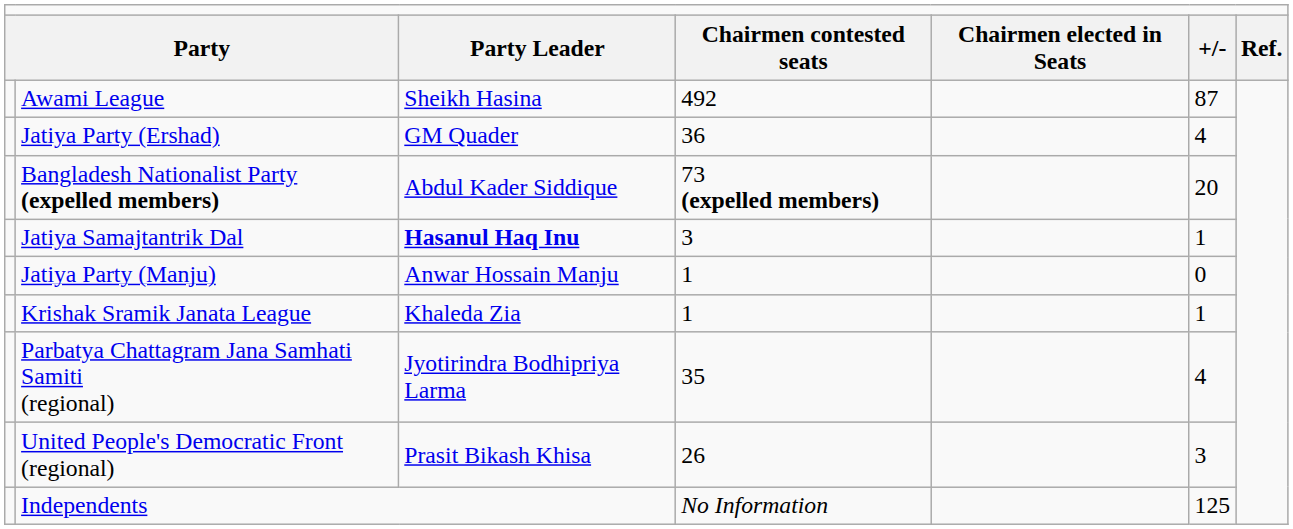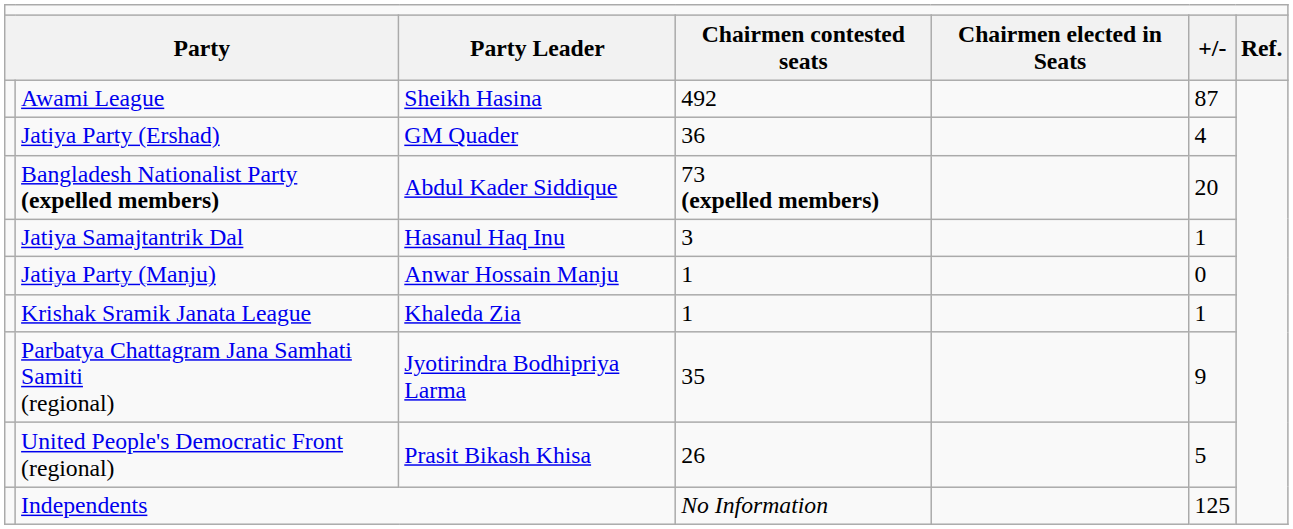 <table class="wikitable">
 <tr>
 <td colspan="7"></td>
 </tr>
 <tr>
 <th colspan="2">Party</th>
 <th>Party Leader</th>
 <th>Chairmen contested seats</th>
 <th>Chairmen elected in Seats</th>
 <th>+/-</th>
 <th>Ref.</th>
 </tr>
 <tr>
 <td></td>
 <td><a href='#'>Awami League</a></td>
 <td><a href='#'>Sheikh Hasina</a></td>
 <td>492</td>
 <td></td>
 <td>87</td>
 <td rowspan="9"></td>
 </tr>
 <tr>
 <td></td>
 <td><a href='#'>Jatiya Party (Ershad)</a></td>
 <td><a href='#'>GM Quader</a></td>
 <td>36</td>
 <td></td>
 <td>4</td>
 </tr>
 <tr>
 <td></td>
 <td><a href='#'>Bangladesh Nationalist Party</a><br><strong>(expelled members)</strong></td>
 <td><a href='#'>Abdul Kader Siddique</a></td>
 <td>73<br><strong>(expelled members)</strong></td>
 <td></td>
 <td>20</td>
 </tr>
 <tr>
 <td></td>
 <td><a href='#'>Jatiya Samajtantrik Dal</a></td>
-<td><strong><a href='#'>Hasanul Haq Inu</a></strong></td>
+<td><a href='#'>Hasanul Haq Inu</a></td>
 <td>3</td>
 <td></td>
 <td>1</td>
 </tr>
 <tr>
 <td></td>
 <td><a href='#'>Jatiya Party (Manju)</a></td>
 <td><a href='#'>Anwar Hossain Manju</a></td>
 <td>1</td>
 <td></td>
 <td>0</td>
 </tr>
 <tr>
 <td></td>
 <td><a href='#'>Krishak Sramik Janata League</a></td>
 <td><a href='#'>Khaleda Zia</a></td>
 <td>1</td>
 <td></td>
 <td>1</td>
 </tr>
 <tr>
 <td></td>
 <td><a href='#'>Parbatya Chattagram Jana Samhati Samiti</a><br>(regional)</td>
 <td><a href='#'>Jyotirindra Bodhipriya Larma</a></td>
 <td>35</td>
 <td></td>
-<td>4</td>
+<td>9</td>
 </tr>
 <tr>
 <td></td>
 <td><a href='#'>United People's Democratic Front</a><br>(regional)</td>
 <td><a href='#'>Prasit Bikash Khisa</a></td>
 <td>26</td>
 <td></td>
-<td>3</td>
+<td>5</td>
 </tr>
 <tr>
 <td></td>
 <td colspan="2"><a href='#'>Independents</a></td>
 <td><em>No Information</em></td>
 <td></td>
 <td>125</td>
 </tr>
 </table>
